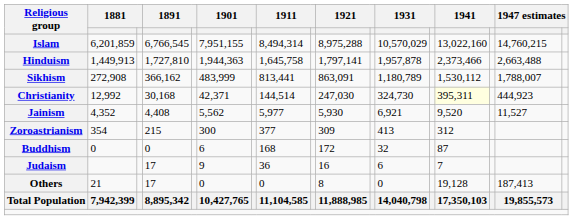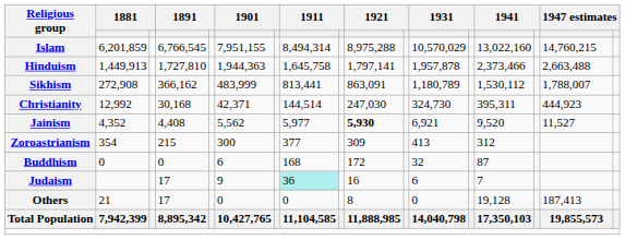 <table class="wikitable sortable">
 <tr>
 <th rowspan="2"><a href='#'>Religious</a><br>group</th>
 <th colspan="2">1881</th>
 <th colspan="2">1891</th>
 <th colspan="2">1901</th>
 <th colspan="2">1911</th>
 <th colspan="2">1921</th>
 <th colspan="2">1931</th>
 <th colspan="2">1941</th>
 <th colspan="2">1947 estimates</th>
 </tr>
 <tr>
 <th><a href='#'></a></th>
 <th></th>
 <th></th>
 <th></th>
 <th></th>
 <th></th>
 <th></th>
 <th></th>
 <th></th>
 <th></th>
 <th></th>
 <th></th>
 <th></th>
 <th></th>
 <th></th>
 <th></th>
 </tr>
 <tr>
 <th><a href='#'>Islam</a> </th>
 <td>6,201,859</td>
 <td></td>
 <td>6,766,545</td>
 <td></td>
 <td>7,951,155</td>
 <td></td>
 <td>8,494,314</td>
 <td></td>
 <td>8,975,288</td>
 <td></td>
 <td>10,570,029</td>
 <td></td>
 <td>13,022,160</td>
 <td></td>
 <td>14,760,215</td>
 <td></td>
 </tr>
 <tr>
 <th><a href='#'>Hinduism</a> </th>
 <td>1,449,913</td>
 <td></td>
 <td>1,727,810</td>
 <td></td>
 <td>1,944,363</td>
 <td></td>
 <td>1,645,758</td>
 <td></td>
 <td>1,797,141</td>
 <td></td>
 <td>1,957,878</td>
 <td></td>
 <td>2,373,466</td>
 <td></td>
 <td>2,663,488</td>
 <td></td>
 </tr>
 <tr>
 <th><a href='#'>Sikhism</a> </th>
 <td>272,908</td>
 <td></td>
 <td>366,162</td>
 <td></td>
 <td>483,999</td>
 <td></td>
 <td>813,441</td>
 <td></td>
 <td>863,091</td>
 <td></td>
 <td>1,180,789</td>
 <td></td>
 <td>1,530,112</td>
 <td></td>
 <td>1,788,007</td>
 <td></td>
 </tr>
 <tr>
 <th><a href='#'>Christianity</a> </th>
 <td>12,992</td>
 <td></td>
 <td>30,168</td>
 <td></td>
 <td>42,371</td>
 <td></td>
 <td>144,514</td>
 <td></td>
 <td>247,030</td>
 <td></td>
 <td>324,730</td>
 <td></td>
-<td style="background: lightyellow;">395,311</td>
+<td>395,311</td>
 <td></td>
 <td>444,923</td>
 <td></td>
 </tr>
 <tr>
 <th><a href='#'>Jainism</a> </th>
 <td>4,352</td>
 <td></td>
 <td>4,408</td>
 <td></td>
 <td>5,562</td>
 <td></td>
 <td>5,977</td>
 <td></td>
-<td>5,930</td>
+<td><strong>5,930</strong></td>
 <td></td>
 <td>6,921</td>
 <td></td>
 <td>9,520</td>
 <td></td>
 <td>11,527</td>
 <td></td>
 </tr>
 <tr>
 <th><a href='#'>Zoroastrianism</a> </th>
 <td>354</td>
 <td></td>
 <td>215</td>
 <td></td>
 <td>300</td>
 <td></td>
 <td>377</td>
 <td></td>
 <td>309</td>
 <td></td>
 <td>413</td>
 <td></td>
 <td>312</td>
 <td></td>
 <td></td>
 <td></td>
 </tr>
 <tr>
 <th><a href='#'>Buddhism</a> </th>
 <td>0</td>
 <td></td>
 <td>0</td>
 <td></td>
 <td>6</td>
 <td></td>
 <td>168</td>
 <td></td>
 <td>172</td>
 <td></td>
 <td>32</td>
 <td></td>
 <td>87</td>
 <td></td>
 <td></td>
 <td></td>
 </tr>
 <tr>
 <th><a href='#'>Judaism</a> </th>
 <td></td>
 <td></td>
 <td>17</td>
 <td></td>
 <td>9</td>
 <td></td>
-<td>36</td>
+<td style="background: paleturquoise;">36</td>
 <td></td>
 <td>16</td>
 <td></td>
 <td>6</td>
 <td></td>
 <td>7</td>
 <td></td>
 <td></td>
 <td></td>
 </tr>
 <tr>
 <th>Others</th>
 <td>21</td>
 <td></td>
 <td>17</td>
 <td></td>
 <td>0</td>
 <td></td>
 <td>0</td>
 <td></td>
 <td>8</td>
 <td></td>
 <td>0</td>
 <td></td>
 <td>19,128</td>
 <td></td>
 <td>187,413</td>
 <td></td>
 </tr>
 <tr>
 <th>Total Population</th>
 <th>7,942,399</th>
 <th></th>
 <th>8,895,342</th>
 <th></th>
 <th>10,427,765</th>
 <th></th>
 <th>11,104,585</th>
 <th></th>
 <th>11,888,985</th>
 <th></th>
 <th>14,040,798</th>
 <th></th>
 <th>17,350,103</th>
 <th></th>
 <th>19,855,573</th>
 <th></th>
 </tr>
 <tr class="sortbottom">
 <td colspan="18"></td>
 </tr>
 </table>
